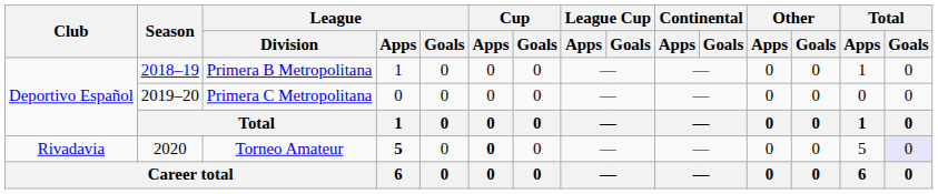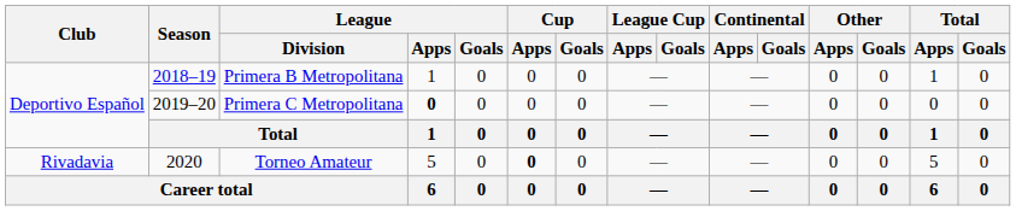 <table class="wikitable" style="text-align:center">
 <tr>
 <th rowspan="2">Club</th>
 <th rowspan="2">Season</th>
 <th colspan="3">League</th>
 <th colspan="2">Cup</th>
 <th colspan="2">League Cup</th>
 <th colspan="2">Continental</th>
 <th colspan="2">Other</th>
 <th colspan="2">Total</th>
 </tr>
 <tr>
 <th>Division</th>
 <th>Apps</th>
 <th>Goals</th>
 <th>Apps</th>
 <th>Goals</th>
 <th>Apps</th>
 <th>Goals</th>
 <th>Apps</th>
 <th>Goals</th>
 <th>Apps</th>
 <th>Goals</th>
 <th>Apps</th>
 <th>Goals</th>
 </tr>
 <tr>
 <td rowspan="3"><a href='#'>Deportivo Español</a></td>
 <td><a href='#'>2018–19</a></td>
 <td rowspan="1"><a href='#'>Primera B Metropolitana</a></td>
 <td>1</td>
 <td>0</td>
 <td>0</td>
 <td>0</td>
 <td colspan="2">—</td>
 <td colspan="2">—</td>
 <td>0</td>
 <td>0</td>
 <td>1</td>
 <td>0</td>
 </tr>
 <tr>
 <td>2019–20</td>
 <td rowspan="1"><a href='#'>Primera C Metropolitana</a></td>
-<td>0</td>
+<td><strong>0</strong></td>
 <td>0</td>
 <td>0</td>
 <td>0</td>
 <td colspan="2">—</td>
 <td colspan="2">—</td>
 <td>0</td>
 <td>0</td>
 <td>0</td>
 <td>0</td>
 </tr>
 <tr>
 <th colspan="2">Total</th>
 <th>1</th>
 <th>0</th>
 <th>0</th>
 <th>0</th>
 <th colspan="2">—</th>
 <th colspan="2">—</th>
 <th>0</th>
 <th>0</th>
 <th>1</th>
 <th>0</th>
 </tr>
 <tr>
 <td rowspan="1"><a href='#'>Rivadavia</a></td>
 <td>2020</td>
 <td rowspan="1"><a href='#'>Torneo Amateur</a></td>
-<td><strong>5</strong></td>
+<td>5</td>
 <td>0</td>
 <td><strong>0</strong></td>
 <td>0</td>
 <td colspan="2">—</td>
 <td colspan="2">—</td>
 <td>0</td>
 <td>0</td>
 <td>5</td>
-<td style="background: lavender;">0</td>
+<td>0</td>
 </tr>
 <tr>
 <th colspan="3">Career total</th>
 <th>6</th>
 <th>0</th>
 <th>0</th>
 <th>0</th>
 <th colspan="2">—</th>
 <th colspan="2">—</th>
 <th>0</th>
 <th>0</th>
 <th>6</th>
 <th>0</th>
 </tr>
 </table>
